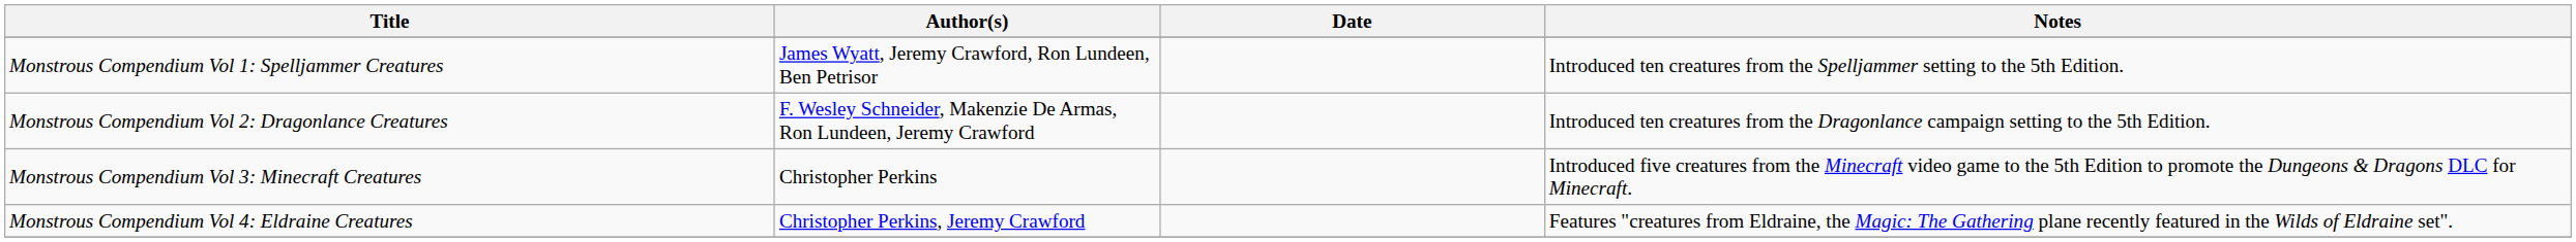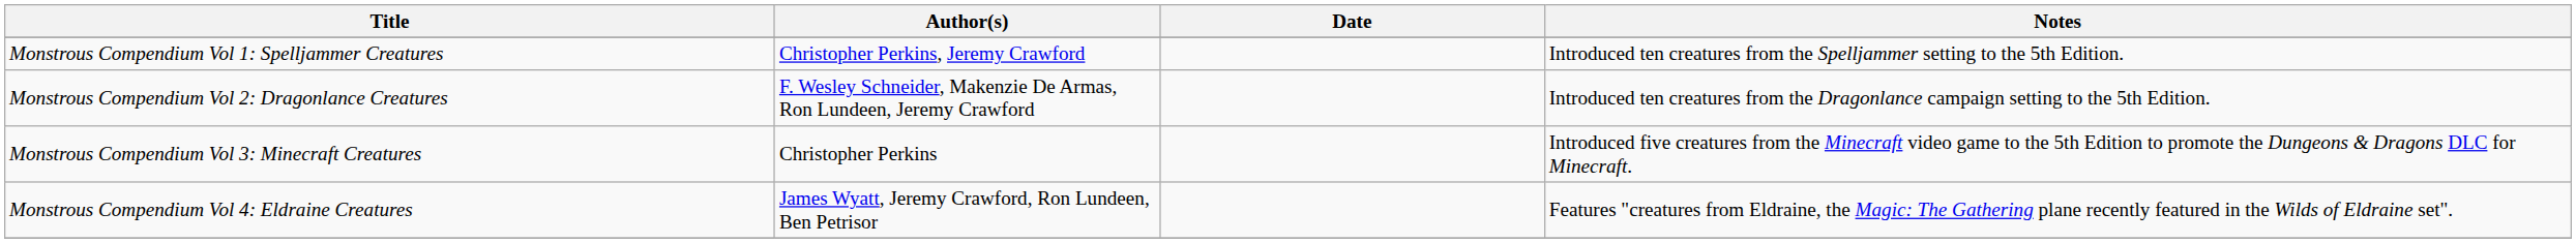 <table class="wikitable sortable" style="margins:auto; width=95%; font-size: 95%;">
 <tr>
 <th width="30%">Title</th>
 <th width="15%">Author(s)</th>
 <th width="15%">Date</th>
 <th width="40%">Notes</th>
 </tr>
 <tr>
 </tr>
 <tr>
 <td><em>Monstrous Compendium Vol 1: Spelljammer Creatures</em></td>
-<td><a href='#'>James Wyatt</a>, Jeremy Crawford, Ron Lundeen, Ben Petrisor</td>
+<td><a href='#'>Christopher Perkins</a>, <a href='#'>Jeremy Crawford</a></td>
 <td></td>
 <td>Introduced ten creatures from the <em>Spelljammer</em> setting to the 5th Edition.</td>
 </tr>
 <tr>
 <td><em>Monstrous Compendium Vol 2: Dragonlance Creatures</em></td>
 <td><a href='#'>F. Wesley Schneider</a>, Makenzie De Armas, Ron Lundeen, Jeremy Crawford</td>
 <td></td>
 <td>Introduced ten creatures from the <em>Dragonlance</em> campaign setting to the 5th Edition.</td>
 </tr>
 <tr>
 <td><em>Monstrous Compendium Vol 3: Minecraft Creatures</em></td>
 <td>Christopher Perkins</td>
 <td></td>
 <td>Introduced five creatures from the <em><a href='#'>Minecraft</a></em> video game to the 5th Edition to promote the <em>Dungeons & Dragons</em> <a href='#'>DLC</a> for <em>Minecraft</em>.</td>
 </tr>
 <tr>
 <td><em>Monstrous Compendium Vol 4: Eldraine Creatures</em></td>
-<td><a href='#'>Christopher Perkins</a>, <a href='#'>Jeremy Crawford</a></td>
+<td><a href='#'>James Wyatt</a>, Jeremy Crawford, Ron Lundeen, Ben Petrisor</td>
 <td></td>
 <td>Features "creatures from Eldraine, the <em><a href='#'>Magic: The Gathering</a></em> plane recently featured in the <em>Wilds of Eldraine</em> set".</td>
 </tr>
 <tr>
 </tr>
 </table>
